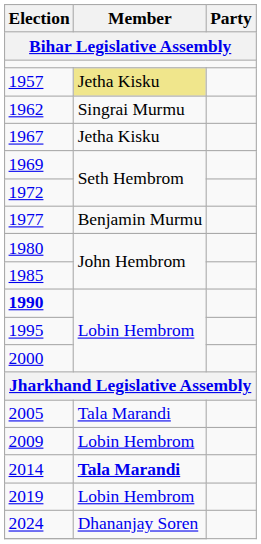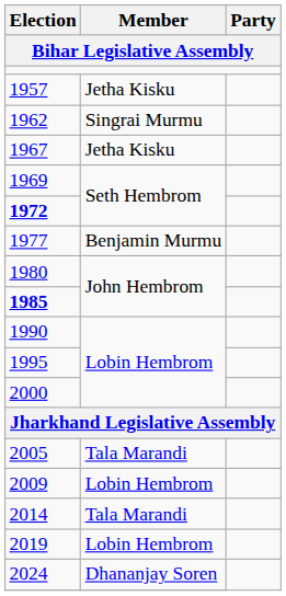 <table class="wikitable sortable">
 <tr>
 <th>Election</th>
 <th>Member</th>
 <th colspan=2>Party</th>
 </tr>
 <tr>
 <th colspan=4><a href='#'>Bihar Legislative Assembly</a></th>
 </tr>
 <tr>
 <td colspan="4"></td>
 </tr>
 <tr>
 <td><a href='#'>1957</a></td>
-<td style="background: khaki;">Jetha Kisku</td>
+<td>Jetha Kisku</td>
 <td></td>
 </tr>
 <tr>
 <td><a href='#'>1962</a></td>
 <td>Singrai Murmu</td>
 <td></td>
 </tr>
 <tr>
 <td><a href='#'>1967</a></td>
 <td>Jetha Kisku</td>
 <td></td>
 </tr>
 <tr>
 <td><a href='#'>1969</a></td>
 <td rowspan=2>Seth Hembrom</td>
 <td></td>
 </tr>
 <tr>
-<td><a href='#'>1972</a></td>
+<td><strong><a href='#'>1972</a></strong></td>
 </tr>
 <tr>
 <td><a href='#'>1977</a></td>
 <td>Benjamin Murmu</td>
 <td></td>
 </tr>
 <tr>
 <td><a href='#'>1980</a></td>
 <td rowspan=2>John Hembrom</td>
 <td></td>
 </tr>
 <tr>
-<td><a href='#'>1985</a></td>
+<td><strong><a href='#'>1985</a></strong></td>
 </tr>
 <tr>
-<td><strong><a href='#'>1990</a></strong></td>
+<td><a href='#'>1990</a></td>
 <td rowspan=3><a href='#'>Lobin Hembrom</a></td>
 <td></td>
 </tr>
 <tr>
 <td><a href='#'>1995</a></td>
 <td></td>
 </tr>
 <tr>
 <td><a href='#'>2000</a></td>
 <td></td>
 </tr>
 <tr>
 <th colspan=4><a href='#'>Jharkhand Legislative Assembly</a></th>
 </tr>
 <tr>
 <td><a href='#'>2005</a></td>
 <td><a href='#'>Tala Marandi</a></td>
 <td></td>
 </tr>
 <tr>
 <td><a href='#'>2009</a></td>
 <td><a href='#'>Lobin Hembrom</a></td>
 <td></td>
 </tr>
 <tr>
 <td><a href='#'>2014</a></td>
-<td><strong><a href='#'>Tala Marandi</a></strong></td>
+<td><a href='#'>Tala Marandi</a></td>
 <td></td>
 </tr>
 <tr>
 <td><a href='#'>2019</a></td>
 <td><a href='#'>Lobin Hembrom</a></td>
 <td></td>
 </tr>
 <tr>
 <td><a href='#'>2024</a></td>
 <td><a href='#'>Dhananjay Soren</a></td>
 </tr>
 <tr>
 </tr>
 </table>
